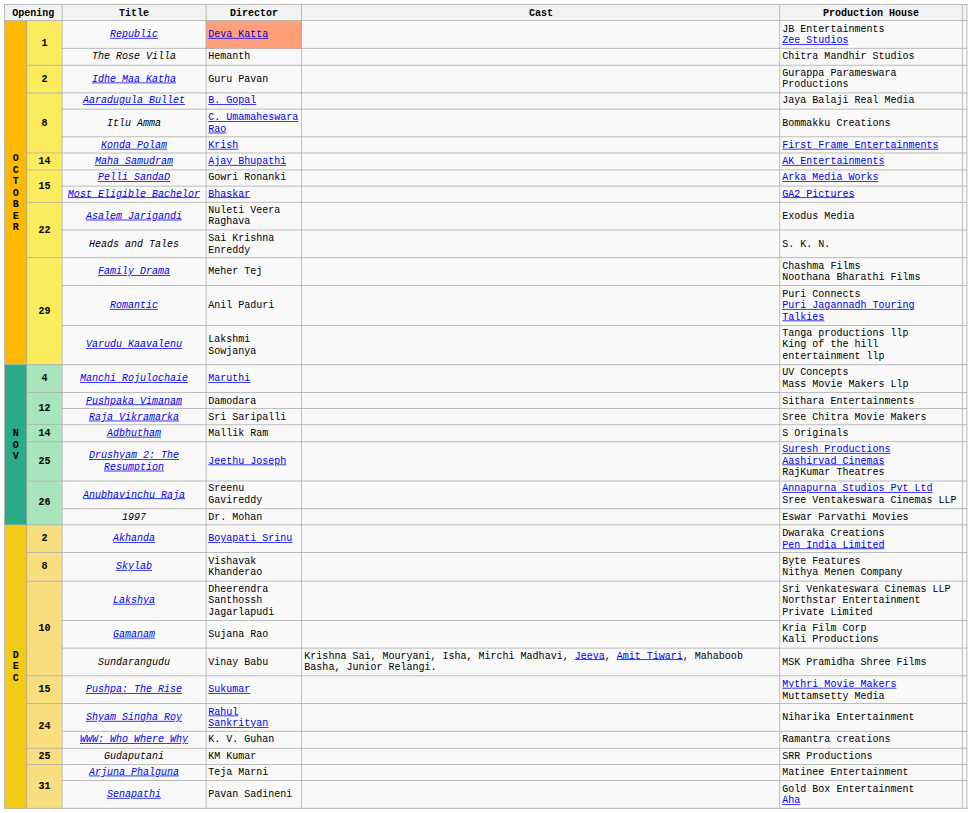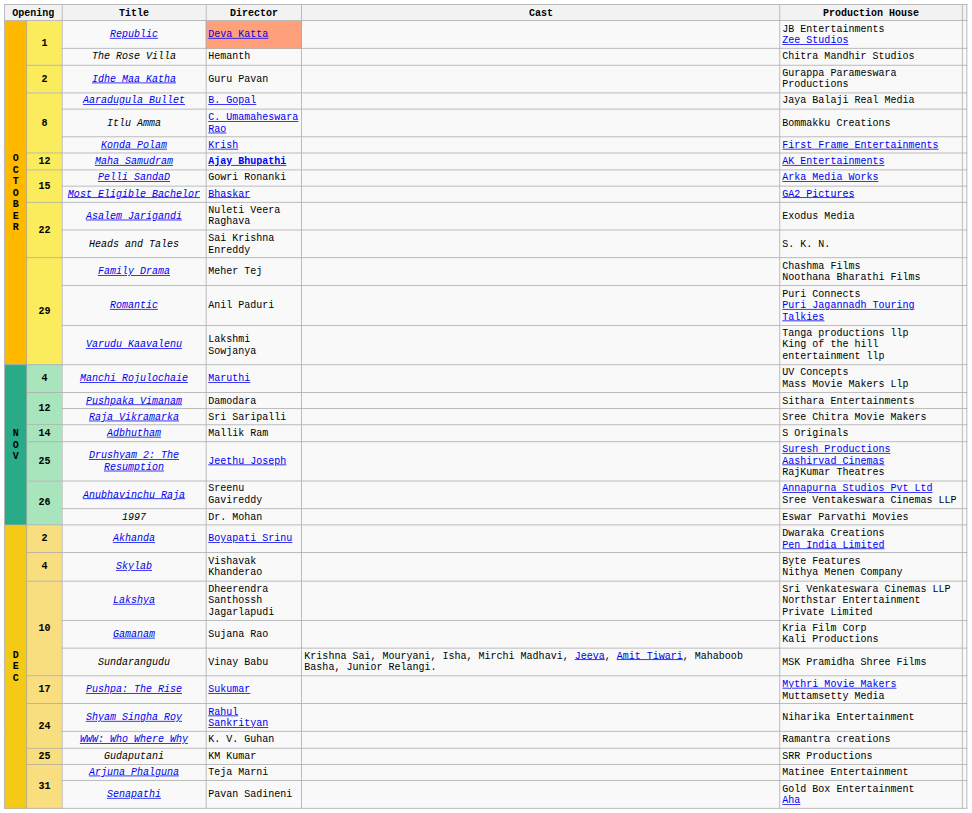 <table class="wikitable sortable">
 <tr style="background:#blue; text-align:center;">
 <th colspan="2" style="width:6%;">Opening</th>
 <th style="width:15%;">Title</th>
 <th style="width:10%;">Director</th>
 <th style="width:50%;">Cast</th>
 <th style="width:25%;">Production House</th>
 <th style="width:1%;"></th>
 </tr>
 <tr October!>
 <td rowspan="14" style="text-align:center; background:#ffba00; textcolor:#000;"><strong>O<br>C<br>T<br>O<br>B<br>E<br>R</strong></td>
 <td rowspan="2" style="text-align:center; background:#fbec5d;"><strong>1</strong></td>
 <td style="text-align:center;"><em><a href='#'>Republic</a></em></td>
 <td style="background: lightsalmon;"><a href='#'>Deva Katta</a></td>
 <td></td>
 <td>JB Entertainments<br><a href='#'>Zee Studios</a></td>
 <td></td>
 </tr>
 <tr>
 <td style="text-align:center;"><em>The Rose Villa</em></td>
 <td>Hemanth</td>
 <td></td>
 <td>Chitra Mandhir Studios</td>
 <td></td>
 </tr>
 <tr>
 <td style="text-align:center; background:#fbec5d;"><strong>2</strong></td>
 <td style="text-align:center;"><em><a href='#'>Idhe Maa Katha</a></em></td>
 <td>Guru Pavan</td>
 <td></td>
 <td>Gurappa Parameswara Productions</td>
 <td></td>
 </tr>
 <tr>
 <td rowspan="3" style="text-align:center; background:#fbec5d;"><strong>8</strong></td>
 <td style="text-align:center;"><em><a href='#'>Aaradugula Bullet</a></em></td>
 <td><a href='#'>B. Gopal</a></td>
 <td></td>
 <td>Jaya Balaji Real Media</td>
 <td></td>
 </tr>
 <tr>
 <td style="text-align:center;"><em>Itlu Amma</em></td>
 <td><a href='#'>C. Umamaheswara Rao</a></td>
 <td></td>
 <td>Bommakku Creations</td>
 <td></td>
 </tr>
 <tr>
 <td style="text-align:center;"><em><a href='#'>Konda Polam</a></em></td>
 <td><a href='#'>Krish</a></td>
 <td></td>
 <td><a href='#'>First Frame Entertainments</a></td>
 <td></td>
 </tr>
 <tr>
-<td style="text-align:center; background:#fbec5d;"><strong>14</strong></td>
+<td style="text-align:center; background:#fbec5d;"><strong>12</strong></td>
 <td style="text-align:center;"><em><a href='#'>Maha Samudram</a></em></td>
-<td><a href='#'>Ajay Bhupathi</a></td>
+<td><strong><a href='#'>Ajay Bhupathi</a></strong></td>
 <td></td>
 <td><a href='#'>AK Entertainments</a></td>
 <td></td>
 </tr>
 <tr>
 <td rowspan="2" style="text-align:center; background:#fbec5d;"><strong>15</strong></td>
 <td style="text-align:center;"><em><a href='#'>Pelli SandaD</a></em></td>
 <td>Gowri Ronanki</td>
 <td></td>
 <td><a href='#'>Arka Media Works</a></td>
 <td></td>
 </tr>
 <tr>
 <td style="text-align:center;"><a href='#'><em>Most Eligible Bachelor</em></a></td>
 <td><a href='#'>Bhaskar</a></td>
 <td></td>
 <td><a href='#'>GA2 Pictures</a></td>
 <td></td>
 </tr>
 <tr>
 <td rowspan="2" style="text-align:center; background:#fbec5d;"><strong>22</strong></td>
 <td style="text-align:center;"><em><a href='#'>Asalem Jarigandi</a></em></td>
 <td>Nuleti Veera Raghava</td>
 <td></td>
 <td>Exodus Media</td>
 <td></td>
 </tr>
 <tr>
 <td style="text-align:center;"><em>Heads and Tales</em></td>
 <td>Sai Krishna Enreddy</td>
 <td></td>
 <td>S. K. N.</td>
 <td></td>
 </tr>
 <tr>
 <td rowspan="3" style="text-align:center; background:#fbec5d;"><strong>29</strong></td>
 <td style="text-align:center;"><a href='#'><em>Family Drama</em></a></td>
 <td>Meher Tej</td>
 <td></td>
 <td>Chashma Films<br>Noothana Bharathi Films</td>
 </tr>
 <tr>
 <td style="text-align:center;"><a href='#'><em>Romantic</em></a></td>
 <td>Anil Paduri</td>
 <td></td>
 <td>Puri Connects<br><a href='#'>Puri Jagannadh Touring Talkies</a></td>
 <td></td>
 </tr>
 <tr>
 <td style="text-align:center;"><em><a href='#'>Varudu Kaavalenu</a></em></td>
 <td>Lakshmi Sowjanya</td>
 <td></td>
 <td>Tanga productions llp<br>King of the hill entertainment llp</td>
 <td></td>
 </tr>
 <tr November!>
 <th rowspan="7" style="text-align:center; background:#29AB87; textcolor:#000;"><strong>N<br>O<br>V</strong></th>
 <td rowspan="1" style="text-align:center; background:#a8e4bc;"><strong>4</strong></td>
 <td style="text-align:center;"><em><a href='#'>Manchi Rojulochaie</a></em></td>
 <td><a href='#'>Maruthi</a></td>
 <td></td>
 <td>UV Concepts <br>Mass Movie Makers Llp</td>
 <td></td>
 </tr>
 <tr>
 <td rowspan="2" style="text-align:center; background:#a8e4bc;"><strong>12</strong></td>
 <td style="text-align:center;"><a href='#'><em>Pushpaka Vimanam</em></a></td>
 <td>Damodara</td>
 <td></td>
 <td>Sithara Entertainments</td>
 <td></td>
 </tr>
 <tr>
 <td style="text-align:center;"><a href='#'><em>Raja Vikramarka</em></a></td>
 <td>Sri Saripalli</td>
 <td></td>
 <td>Sree Chitra Movie Makers</td>
 <td></td>
 </tr>
 <tr>
 <td style="text-align:center; background:#a8e4bc;"><strong>14</strong></td>
 <td style="text-align:center;"><em><a href='#'>Adbhutham</a></em></td>
 <td>Mallik Ram</td>
 <td></td>
 <td>S Originals</td>
 <td></td>
 </tr>
 <tr>
 <td rowspan="1" style="text-align:center; background:#a8e4bc;"><strong>25</strong></td>
 <td style="text-align:center;"><em><a href='#'>Drushyam 2: The Resumption</a></em></td>
 <td><a href='#'>Jeethu Joseph</a></td>
 <td></td>
 <td><a href='#'>Suresh Productions</a><br><a href='#'>Aashirvad Cinemas</a><br>RajKumar Theatres</td>
 <td></td>
 </tr>
 <tr>
 <td rowspan="2" style="text-align:center; background:#a8e4bc;"><strong>26</strong></td>
 <td style="text-align:center;"><em><a href='#'>Anubhavinchu Raja</a></em></td>
 <td>Sreenu Gavireddy</td>
 <td></td>
 <td><a href='#'>Annapurna Studios Pvt Ltd</a> <br>Sree Ventakeswara Cinemas LLP</td>
 <td></td>
 </tr>
 <tr>
 <td style="text-align:center;"><em>1997</em></td>
 <td>Dr. Mohan</td>
 <td></td>
 <td>Eswar Parvathi Movies</td>
 <td></td>
 </tr>
 <tr>
 <td rowspan="11" style="text-align:center; background:#F4CA16; textcolor:#000;"><strong>D<br>E<br>C</strong></td>
 <td rowspan="1" style="text-align:center; background:#F8DE7E;"><strong>2</strong></td>
 <td style="text-align:center;"><em><a href='#'>Akhanda</a></em></td>
 <td><a href='#'>Boyapati Srinu</a></td>
 <td></td>
 <td>Dwaraka Creations<br><a href='#'>Pen India Limited</a></td>
 <td></td>
 </tr>
 <tr>
-<td rowspan="1" style="text-align:center; background:#F8DE7E;"><strong>8</strong></td>
+<td rowspan="1" style="text-align:center; background:#F8DE7E;"><strong>4</strong></td>
 <td style="text-align:center;"><em><a href='#'>Skylab</a></em></td>
 <td>Vishavak Khanderao</td>
 <td></td>
 <td>Byte Features<br>Nithya Menen Company</td>
 <td></td>
 </tr>
 <tr>
 <td rowspan="3" style="text-align:center; background:#F8DE7E;"><strong>10</strong></td>
 <td style="text-align:center;"><em><a href='#'>Lakshya</a></em></td>
 <td>Dheerendra Santhossh Jagarlapudi</td>
 <td></td>
 <td>Sri Venkateswara Cinemas LLP<br>Northstar Entertainment Private Limited</td>
 <td></td>
 </tr>
 <tr>
 <td style="text-align:center;"><em><a href='#'>Gamanam</a></em></td>
 <td>Sujana Rao</td>
 <td></td>
 <td>Kria Film Corp<br>Kali Productions</td>
 <td></td>
 </tr>
 <tr>
 <td style="text-align:center;"><em>Sundarangudu</em></td>
 <td>Vinay Babu</td>
 <td>Krishna Sai, Mouryani, Isha, Mirchi Madhavi, <a href='#'>Jeeva</a>, <a href='#'>Amit Tiwari</a>, Mahaboob Basha, Junior Relangi.</td>
 <td>MSK Pramidha Shree Films</td>
 <td></td>
 </tr>
 <tr>
-<td rowspan="1" style="text-align:center; background:#F8DE7E;"><strong>15</strong></td>
+<td rowspan="1" style="text-align:center; background:#F8DE7E;"><strong>17</strong></td>
 <td style="text-align:center;"><em><a href='#'>Pushpa: The Rise</a></em></td>
 <td><a href='#'>Sukumar</a></td>
 <td></td>
 <td><a href='#'>Mythri Movie Makers</a><br>Muttamsetty Media</td>
 <td></td>
 </tr>
 <tr>
 <td rowspan="2" style="text-align:center; background:#F8DE7E;"><strong>24</strong></td>
 <td style="text-align:center;"><em><a href='#'>Shyam Singha Roy</a></em></td>
 <td><a href='#'>Rahul Sankrityan</a></td>
 <td></td>
 <td>Niharika Entertainment</td>
 <td></td>
 </tr>
 <tr>
 <td style="text-align:center;"><em><a href='#'>WWW: Who Where Why</a></em></td>
 <td>K. V. Guhan</td>
 <td></td>
 <td>Ramantra creations</td>
 <td></td>
 </tr>
 <tr>
 <td style="text-align:center; background:#F8DE7E;"><strong>25</strong></td>
 <td style="text-align:center;"><em>Gudaputani</em></td>
 <td>KM Kumar</td>
 <td></td>
 <td>SRR Productions</td>
 <td></td>
 </tr>
 <tr>
 <td rowspan="2" style="text-align:center; background:#F8DE7E;"><strong>31</strong></td>
 <td style="text-align:center;"><em><a href='#'>Arjuna Phalguna</a></em></td>
 <td>Teja Marni</td>
 <td></td>
 <td>Matinee Entertainment</td>
 <td></td>
 </tr>
 <tr>
 <td style="text-align:center;"><em><a href='#'>Senapathi</a></em></td>
 <td>Pavan Sadineni</td>
 <td></td>
 <td>Gold Box Entertainment<br><a href='#'>Aha</a></td>
 <td></td>
 </tr>
 </table>
